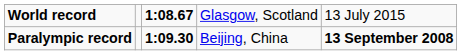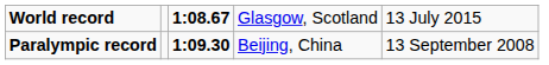 <table class="wikitable">
 <tr>
 <td><strong>World record</strong></td>
 <td></td>
 <td><strong>1:08.67</strong></td>
 <td><a href='#'>Glasgow</a>, Scotland</td>
 <td>13 July 2015</td>
 </tr>
 <tr>
 <td><strong>Paralympic record</strong></td>
 <td></td>
 <td><strong>1:09.30</strong></td>
 <td><a href='#'>Beijing</a>, China</td>
-<td><strong>13 September 2008</strong></td>
+<td>13 September 2008</td>
 </tr>
 </table>
